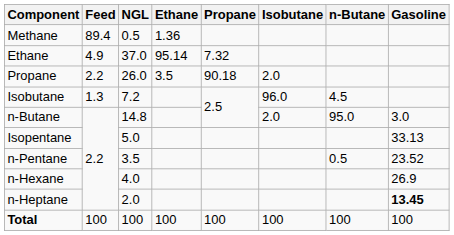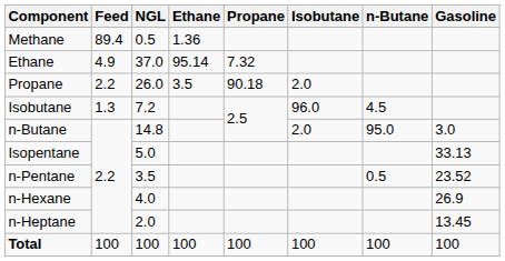 <table class="wikitable">
 <tr>
 <th>Component</th>
 <th>Feed</th>
 <th>NGL</th>
 <th>Ethane</th>
 <th>Propane</th>
 <th>Isobutane</th>
 <th>n-Butane</th>
 <th>Gasoline</th>
 </tr>
 <tr>
 <td>Methane</td>
 <td>89.4</td>
 <td>0.5</td>
 <td>1.36</td>
 <td></td>
 <td></td>
 <td></td>
 <td></td>
 </tr>
 <tr>
 <td>Ethane</td>
 <td>4.9</td>
 <td>37.0</td>
 <td>95.14</td>
 <td>7.32</td>
 <td></td>
 <td></td>
 <td></td>
 </tr>
 <tr>
 <td>Propane</td>
 <td>2.2</td>
 <td>26.0</td>
 <td>3.5</td>
 <td>90.18</td>
 <td>2.0</td>
 <td></td>
 <td></td>
 </tr>
 <tr>
 <td>Isobutane</td>
 <td>1.3</td>
 <td>7.2</td>
 <td></td>
 <td rowspan="2">2.5</td>
 <td>96.0</td>
 <td>4.5</td>
 <td></td>
 </tr>
 <tr>
 <td>n-Butane</td>
 <td rowspan="5">2.2</td>
 <td>14.8</td>
 <td></td>
 <td>2.0</td>
 <td>95.0</td>
 <td>3.0</td>
 </tr>
 <tr>
 <td>Isopentane</td>
 <td>5.0</td>
 <td></td>
 <td></td>
 <td></td>
 <td></td>
 <td>33.13</td>
 </tr>
 <tr>
 <td>n-Pentane</td>
 <td>3.5</td>
 <td></td>
 <td></td>
 <td></td>
 <td>0.5</td>
 <td>23.52</td>
 </tr>
 <tr>
 <td>n-Hexane</td>
 <td>4.0</td>
 <td></td>
 <td></td>
 <td></td>
 <td></td>
 <td>26.9</td>
 </tr>
 <tr>
 <td>n-Heptane</td>
 <td>2.0</td>
 <td></td>
 <td></td>
 <td></td>
 <td></td>
-<td><strong>13.45</strong></td>
+<td>13.45</td>
 </tr>
 <tr>
 <td><strong>Total</strong></td>
 <td>100</td>
 <td>100</td>
 <td>100</td>
 <td>100</td>
 <td>100</td>
 <td>100</td>
 <td>100</td>
 </tr>
 </table>
